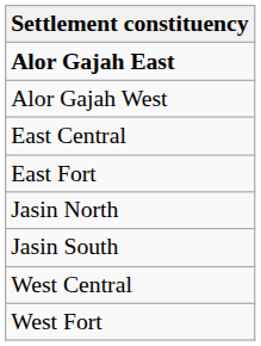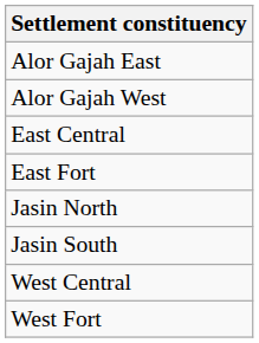 <table class=wikitable>
 <tr>
 <th>Settlement constituency</th>
 </tr>
 <tr>
-<td><strong>Alor Gajah East</strong></td>
+<td>Alor Gajah East</td>
 </tr>
 <tr>
 <td>Alor Gajah West</td>
 </tr>
 <tr>
 <td>East Central</td>
 </tr>
 <tr>
 <td>East Fort</td>
 </tr>
 <tr>
 <td>Jasin North</td>
 </tr>
 <tr>
 <td>Jasin South</td>
 </tr>
 <tr>
 <td>West Central</td>
 </tr>
 <tr>
 <td>West Fort</td>
 </tr>
 </table>
